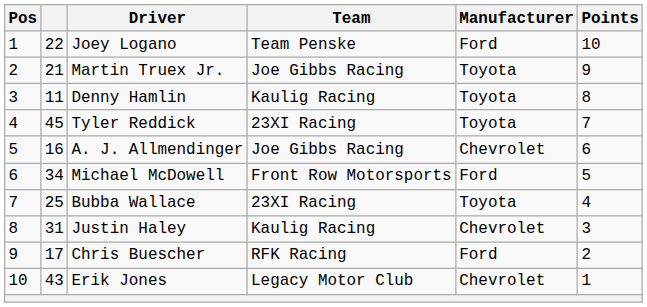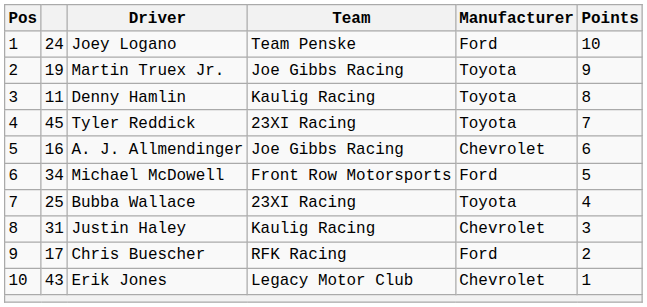 <table class="wikitable" style="font-size:98%">
 <tr>
 <th>Pos</th>
 <th></th>
 <th>Driver</th>
 <th>Team</th>
 <th>Manufacturer</th>
 <th>Points</th>
 </tr>
 <tr>
 <td>1</td>
-<td>22</td>
+<td>24</td>
 <td>Joey Logano</td>
 <td>Team Penske</td>
 <td>Ford</td>
 <td>10</td>
 </tr>
 <tr>
 <td>2</td>
-<td>21</td>
+<td>19</td>
 <td>Martin Truex Jr.</td>
 <td>Joe Gibbs Racing</td>
 <td>Toyota</td>
 <td>9</td>
 </tr>
 <tr>
 <td>3</td>
 <td>11</td>
 <td>Denny Hamlin</td>
 <td>Kaulig Racing</td>
 <td>Toyota</td>
 <td>8</td>
 </tr>
 <tr>
 <td>4</td>
 <td>45</td>
 <td>Tyler Reddick</td>
 <td>23XI Racing</td>
 <td>Toyota</td>
 <td>7</td>
 </tr>
 <tr>
 <td>5</td>
 <td>16</td>
 <td>A. J. Allmendinger</td>
 <td>Joe Gibbs Racing</td>
 <td>Chevrolet</td>
 <td>6</td>
 </tr>
 <tr>
 <td>6</td>
 <td>34</td>
 <td>Michael McDowell</td>
 <td>Front Row Motorsports</td>
 <td>Ford</td>
 <td>5</td>
 </tr>
 <tr>
 <td>7</td>
 <td>25</td>
 <td>Bubba Wallace</td>
 <td>23XI Racing</td>
 <td>Toyota</td>
 <td>4</td>
 </tr>
 <tr>
 <td>8</td>
 <td>31</td>
 <td>Justin Haley</td>
 <td>Kaulig Racing</td>
 <td>Chevrolet</td>
 <td>3</td>
 </tr>
 <tr>
 <td>9</td>
 <td>17</td>
 <td>Chris Buescher</td>
 <td>RFK Racing</td>
 <td>Ford</td>
 <td>2</td>
 </tr>
 <tr>
 <td>10</td>
 <td>43</td>
 <td>Erik Jones</td>
 <td>Legacy Motor Club</td>
 <td>Chevrolet</td>
 <td>1</td>
 </tr>
 <tr>
 <th colspan="6"></th>
 </tr>
 </table>
